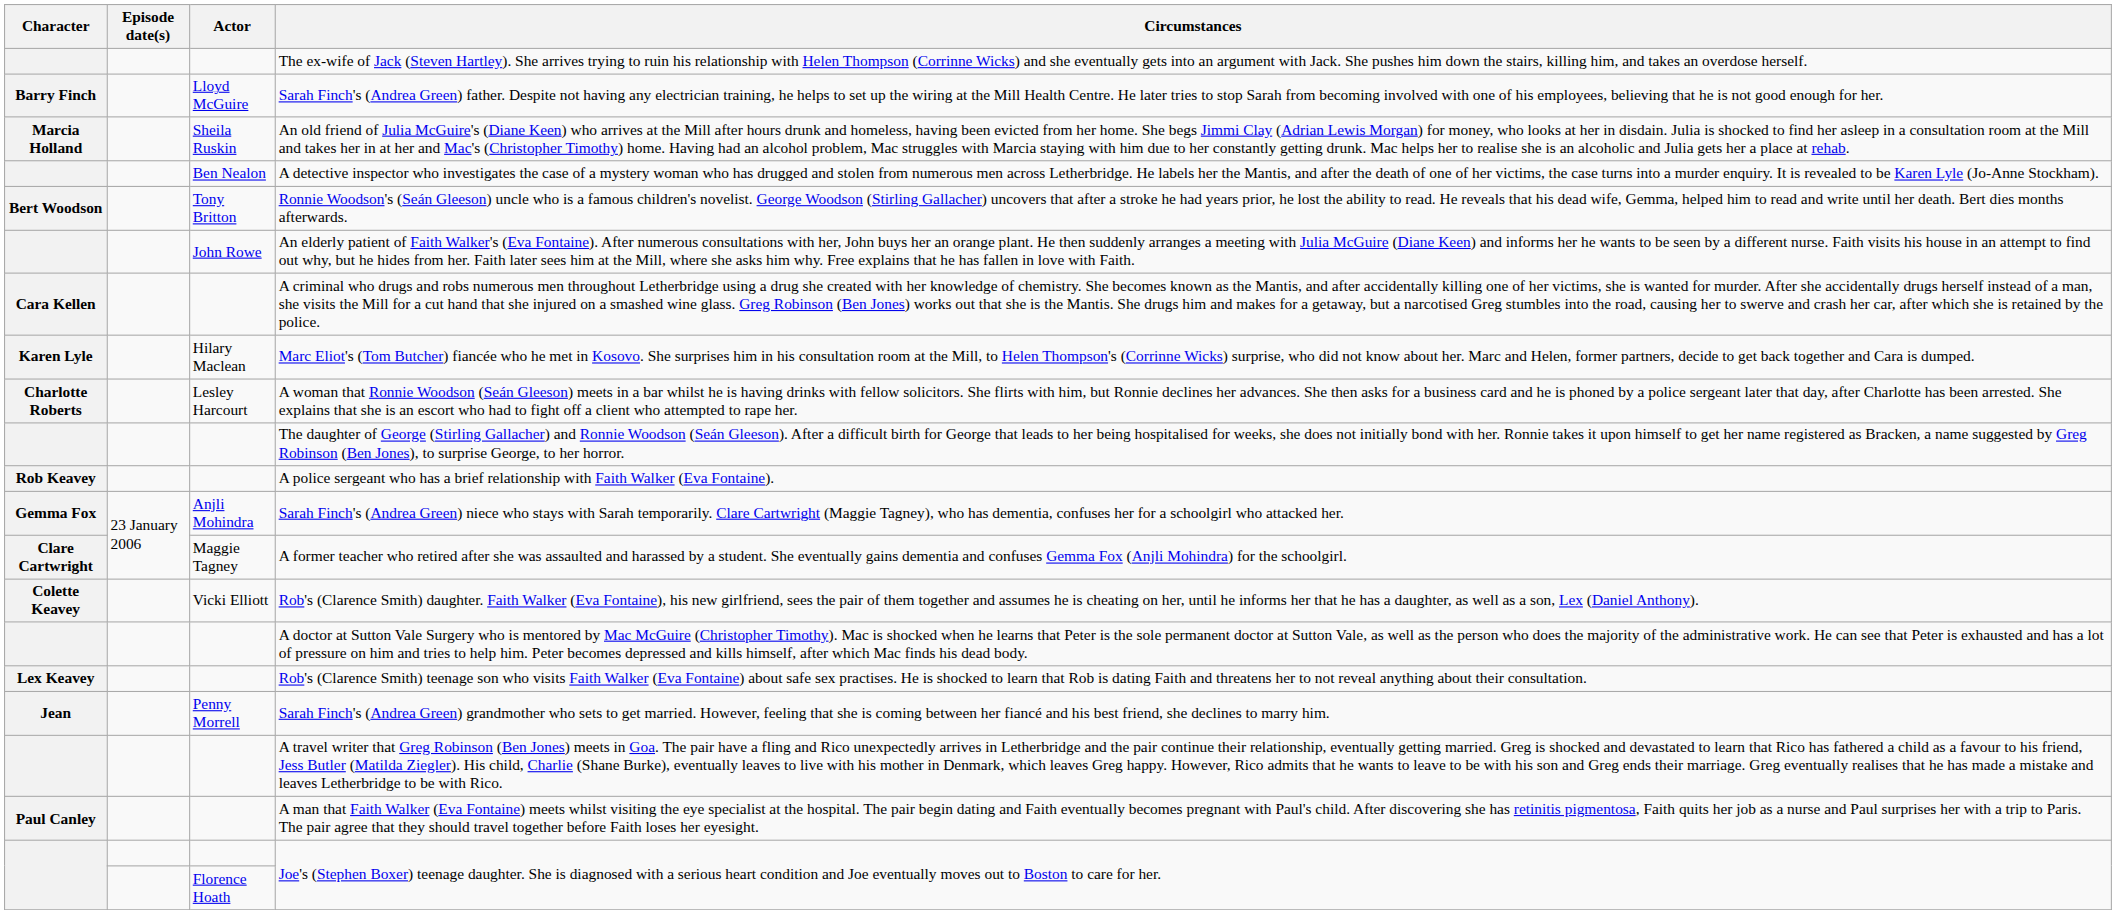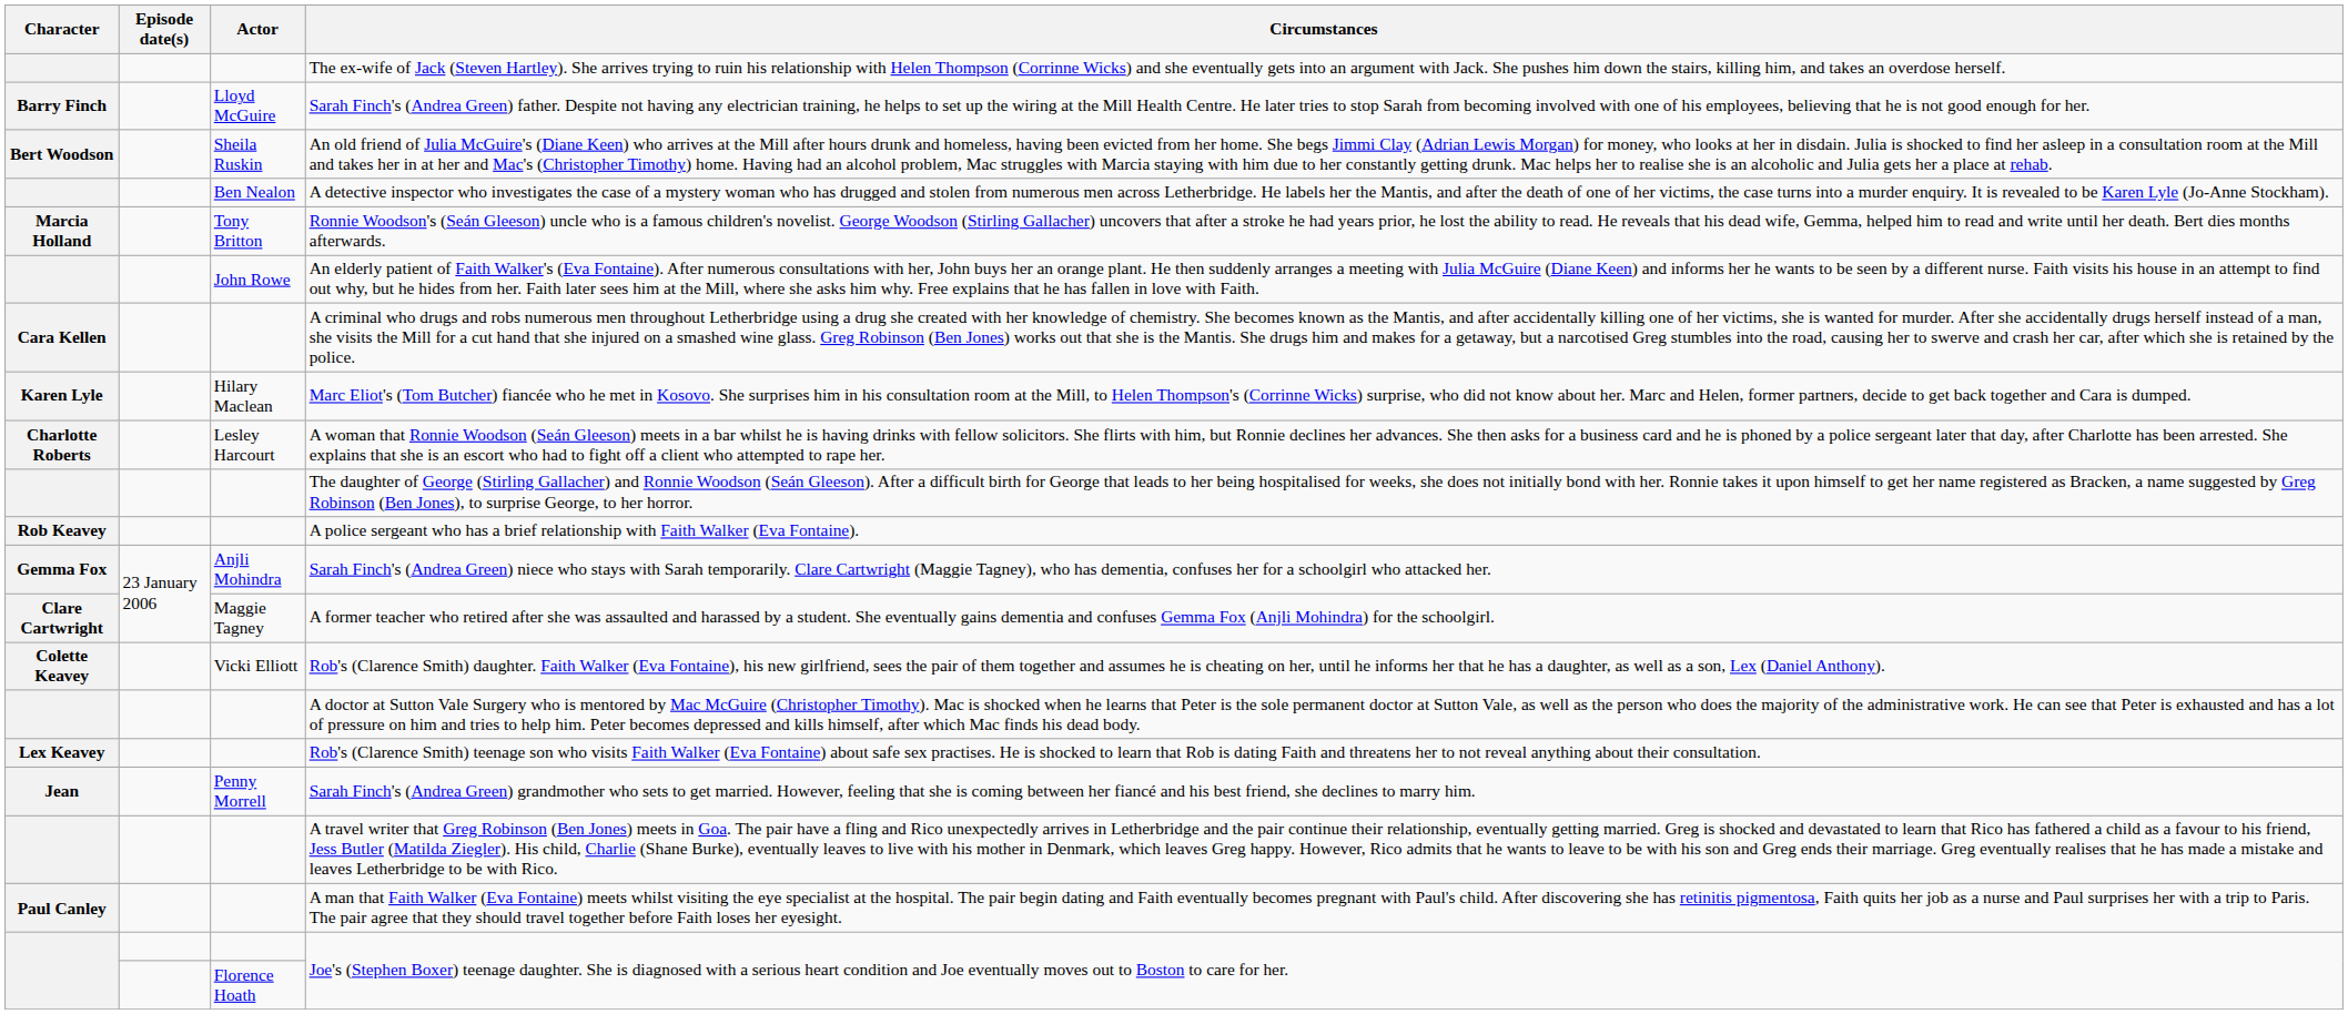 <table class="wikitable plainrowheaders" style="font-size:90%">
 <tr>
 <th scope="col">Character</th>
 <th scope="col">Episode date(s)</th>
 <th scope="col">Actor</th>
 <th scope="col">Circumstances</th>
 </tr>
 <tr>
 <th scope="row"> </th>
 <td></td>
 <td></td>
 <td>The ex-wife of <a href='#'>Jack</a> (<a href='#'>Steven Hartley</a>). She arrives trying to ruin his relationship with <a href='#'>Helen Thompson</a> (<a href='#'>Corrinne Wicks</a>) and she eventually gets into an argument with Jack. She pushes him down the stairs, killing him, and takes an overdose herself.</td>
 </tr>
 <tr>
 <th scope="row">Barry Finch </th>
 <td></td>
 <td><a href='#'>Lloyd McGuire</a></td>
 <td><a href='#'>Sarah Finch</a>'s (<a href='#'>Andrea Green</a>) father. Despite not having any electrician training, he helps to set up the wiring at the Mill Health Centre. He later tries to stop Sarah from becoming involved with one of his employees, believing that he is not good enough for her.</td>
 </tr>
 <tr>
-<th scope="row">Marcia Holland </th>
+<th scope="row">Bert Woodson </th>
 <td> <br> </td>
 <td><a href='#'>Sheila Ruskin</a></td>
 <td>An old friend of <a href='#'>Julia McGuire</a>'s (<a href='#'>Diane Keen</a>) who arrives at the Mill after hours drunk and homeless, having been evicted from her home. She begs <a href='#'>Jimmi Clay</a> (<a href='#'>Adrian Lewis Morgan</a>) for money, who looks at her in disdain. Julia is shocked to find her asleep in a consultation room at the Mill and takes her in at her and <a href='#'>Mac</a>'s (<a href='#'>Christopher Timothy</a>) home. Having had an alcohol problem, Mac struggles with Marcia staying with him due to her constantly getting drunk. Mac helps her to realise she is an alcoholic and Julia gets her a place at <a href='#'>rehab</a>.</td>
 </tr>
 <tr>
 <th scope="row"> </th>
 <td></td>
 <td><a href='#'>Ben Nealon</a></td>
 <td>A detective inspector who investigates the case of a mystery woman who has drugged and stolen from numerous men across Letherbridge. He labels her the Mantis, and after the death of one of her victims, the case turns into a murder enquiry. It is revealed to be <a href='#'>Karen Lyle</a> (Jo-Anne Stockham).</td>
 </tr>
 <tr>
-<th scope="row">Bert Woodson </th>
+<th scope="row">Marcia Holland </th>
 <td></td>
 <td><a href='#'>Tony Britton</a></td>
 <td><a href='#'>Ronnie Woodson</a>'s (<a href='#'>Seán Gleeson</a>) uncle who is a famous children's novelist. <a href='#'>George Woodson</a> (<a href='#'>Stirling Gallacher</a>) uncovers that after a stroke he had years prior, he lost the ability to read. He reveals that his dead wife, Gemma, helped him to read and write until her death. Bert dies months afterwards.</td>
 </tr>
 <tr>
 <th scope="row"> </th>
 <td></td>
 <td><a href='#'>John Rowe</a></td>
 <td>An elderly patient of <a href='#'>Faith Walker</a>'s (<a href='#'>Eva Fontaine</a>). After numerous consultations with her, John buys her an orange plant. He then suddenly arranges a meeting with <a href='#'>Julia McGuire</a> (<a href='#'>Diane Keen</a>) and informs her he wants to be seen by a different nurse. Faith visits his house in an attempt to find out why, but he hides from her. Faith later sees him at the Mill, where she asks him why. Free explains that he has fallen in love with Faith.</td>
 </tr>
 <tr>
 <th scope="row">Cara Kellen </th>
 <td></td>
 <td></td>
 <td>A criminal who drugs and robs numerous men throughout Letherbridge using a drug she created with her knowledge of chemistry. She becomes known as the Mantis, and after accidentally killing one of her victims, she is wanted for murder. After she accidentally drugs herself instead of a man, she visits the Mill for a cut hand that she injured on a smashed wine glass. <a href='#'>Greg Robinson</a> (<a href='#'>Ben Jones</a>) works out that she is the Mantis. She drugs him and makes for a getaway, but a narcotised Greg stumbles into the road, causing her to swerve and crash her car, after which she is retained by the police.</td>
 </tr>
 <tr>
 <th scope="row">Karen Lyle </th>
 <td></td>
 <td>Hilary Maclean</td>
 <td><a href='#'>Marc Eliot</a>'s (<a href='#'>Tom Butcher</a>) fiancée who he met in <a href='#'>Kosovo</a>. She surprises him in his consultation room at the Mill, to <a href='#'>Helen Thompson</a>'s (<a href='#'>Corrinne Wicks</a>) surprise, who did not know about her. Marc and Helen, former partners, decide to get back together and Cara is dumped.</td>
 </tr>
 <tr>
 <th scope="row">Charlotte Roberts </th>
 <td></td>
 <td>Lesley Harcourt</td>
 <td>A woman that <a href='#'>Ronnie Woodson</a> (<a href='#'>Seán Gleeson</a>) meets in a bar whilst he is having drinks with fellow solicitors. She flirts with him, but Ronnie declines her advances. She then asks for a business card and he is phoned by a police sergeant later that day, after Charlotte has been arrested. She explains that she is an escort who had to fight off a client who attempted to rape her.</td>
 </tr>
 <tr>
 <th scope="row"> </th>
 <td></td>
 <td></td>
 <td>The daughter of <a href='#'>George</a> (<a href='#'>Stirling Gallacher</a>) and <a href='#'>Ronnie Woodson</a> (<a href='#'>Seán Gleeson</a>). After a difficult birth for George that leads to her being hospitalised for weeks, she does not initially bond with her. Ronnie takes it upon himself to get her name registered as Bracken, a name suggested by <a href='#'>Greg Robinson</a> (<a href='#'>Ben Jones</a>), to surprise George, to her horror.</td>
 </tr>
 <tr>
 <th scope="row">Rob Keavey </th>
 <td></td>
 <td></td>
 <td>A police sergeant who has a brief relationship with <a href='#'>Faith Walker</a> (<a href='#'>Eva Fontaine</a>).</td>
 </tr>
 <tr>
 <th scope="row">Gemma Fox </th>
 <td rowspan="2">23 January 2006</td>
 <td><a href='#'>Anjli Mohindra</a></td>
 <td><a href='#'>Sarah Finch</a>'s (<a href='#'>Andrea Green</a>) niece who stays with Sarah temporarily. <a href='#'>Clare Cartwright</a> (Maggie Tagney), who has dementia, confuses her for a schoolgirl who attacked her.</td>
 </tr>
 <tr>
 <th scope="row">Clare Cartwright </th>
 <td>Maggie Tagney</td>
 <td>A former teacher who retired after she was assaulted and harassed by a student. She eventually gains dementia and confuses <a href='#'>Gemma Fox</a> (<a href='#'>Anjli Mohindra</a>) for the schoolgirl.</td>
 </tr>
 <tr>
 <th scope="row">Colette Keavey </th>
 <td></td>
 <td>Vicki Elliott</td>
 <td><a href='#'>Rob</a>'s (Clarence Smith) daughter. <a href='#'>Faith Walker</a> (<a href='#'>Eva Fontaine</a>), his new girlfriend, sees the pair of them together and assumes he is cheating on her, until he informs her that he has a daughter, as well as a son, <a href='#'>Lex</a> (<a href='#'>Daniel Anthony</a>).</td>
 </tr>
 <tr>
 <th scope="row"> </th>
 <td></td>
 <td></td>
 <td>A doctor at Sutton Vale Surgery who is mentored by <a href='#'>Mac McGuire</a> (<a href='#'>Christopher Timothy</a>). Mac is shocked when he learns that Peter is the sole permanent doctor at Sutton Vale, as well as the person who does the majority of the administrative work. He can see that Peter is exhausted and has a lot of pressure on him and tries to help him. Peter becomes depressed and kills himself, after which Mac finds his dead body.</td>
 </tr>
 <tr>
 <th scope="row">Lex Keavey </th>
 <td></td>
 <td></td>
 <td><a href='#'>Rob</a>'s (Clarence Smith) teenage son who visits <a href='#'>Faith Walker</a> (<a href='#'>Eva Fontaine</a>) about safe sex practises. He is shocked to learn that Rob is dating Faith and threatens her to not reveal anything about their consultation.</td>
 </tr>
 <tr>
 <th scope="row">Jean </th>
 <td></td>
 <td><a href='#'>Penny Morrell</a></td>
 <td><a href='#'>Sarah Finch</a>'s (<a href='#'>Andrea Green</a>) grandmother who sets to get married. However, feeling that she is coming between her fiancé and his best friend, she declines to marry him.</td>
 </tr>
 <tr>
 <th scope="row"> </th>
 <td></td>
 <td></td>
 <td>A travel writer that <a href='#'>Greg Robinson</a> (<a href='#'>Ben Jones</a>) meets in <a href='#'>Goa</a>. The pair have a fling and Rico unexpectedly arrives in Letherbridge and the pair continue their relationship, eventually getting married. Greg is shocked and devastated to learn that Rico has fathered a child as a favour to his friend, <a href='#'>Jess Butler</a> (<a href='#'>Matilda Ziegler</a>). His child, <a href='#'>Charlie</a> (Shane Burke), eventually leaves to live with his mother in Denmark, which leaves Greg happy. However, Rico admits that he wants to leave to be with his son and Greg ends their marriage. Greg eventually realises that he has made a mistake and leaves Letherbridge to be with Rico.</td>
 </tr>
 <tr>
 <th scope="row">Paul Canley </th>
 <td></td>
 <td></td>
 <td>A man that <a href='#'>Faith Walker</a> (<a href='#'>Eva Fontaine</a>) meets whilst visiting the eye specialist at the hospital. The pair begin dating and Faith eventually becomes pregnant with Paul's child. After discovering she has <a href='#'>retinitis pigmentosa</a>, Faith quits her job as a nurse and Paul surprises her with a trip to Paris. The pair agree that they should travel together before Faith loses her eyesight.</td>
 </tr>
 <tr>
 <th rowspan="2" scope="row"> </th>
 <td><br></td>
 <td></td>
 <td rowspan="2"><a href='#'>Joe</a>'s (<a href='#'>Stephen Boxer</a>) teenage daughter. She is diagnosed with a serious heart condition and Joe eventually moves out to <a href='#'>Boston</a> to care for her.</td>
 </tr>
 <tr>
 <td></td>
 <td><a href='#'>Florence Hoath</a></td>
 </tr>
 </table>
